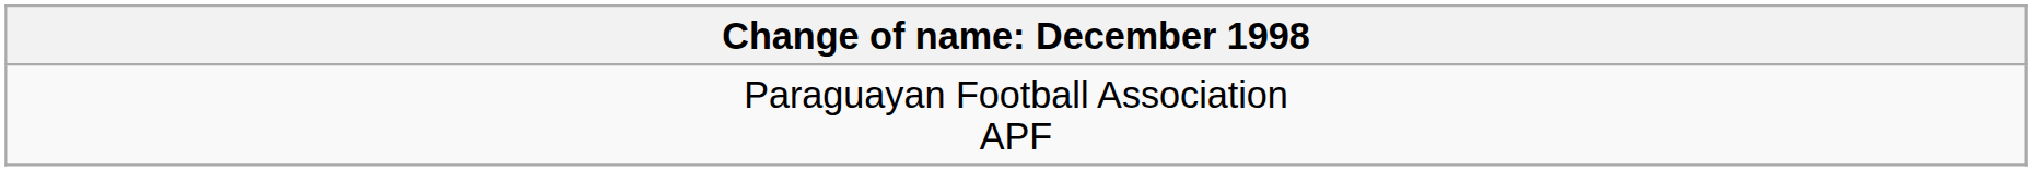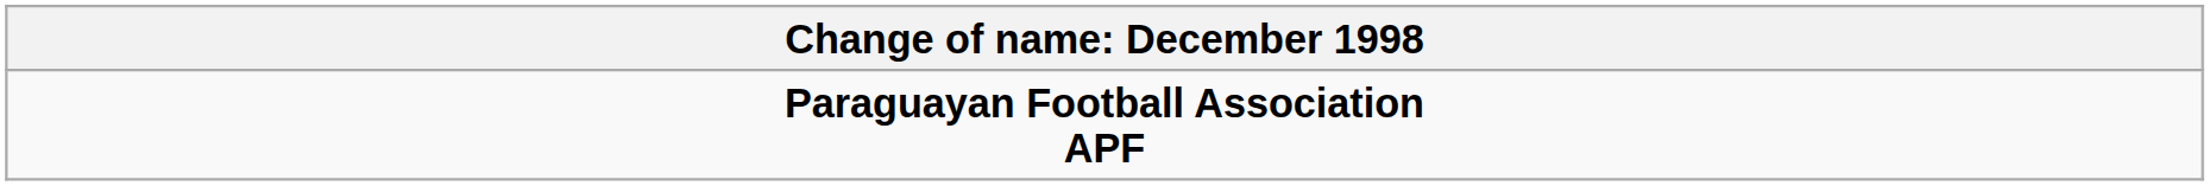 <table class="wikitable" border="1" style="font-size: 95%; margin: 10px auto; text-align: center; width: 65%;">
 <tr>
 <th>Change of name: December 1998</th>
 </tr>
 <tr>
-<td>Paraguayan Football Association<br>APF</td>
+<td><strong>Paraguayan Football Association<br>APF</strong></td>
 </tr>
 </table>
